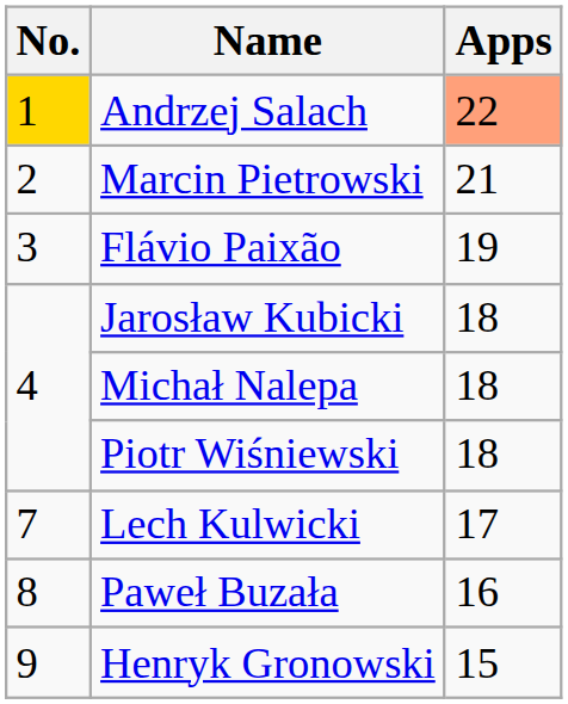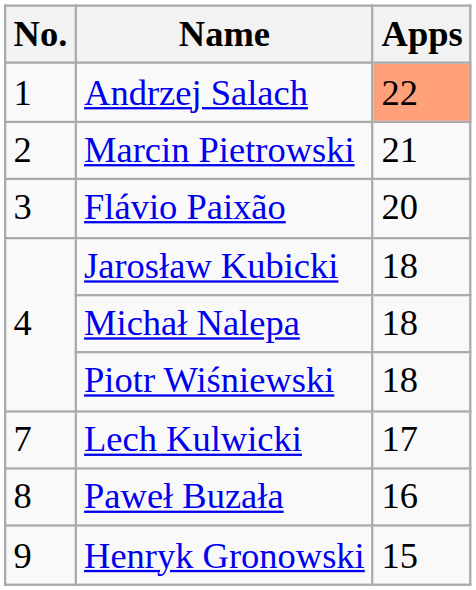 <table class="wikitable" style="display: inline-table;">
 <tr>
 <th>No.</th>
 <th>Name</th>
 <th>Apps</th>
 </tr>
 <tr>
-<td style="background: gold;">1</td>
+<td>1</td>
 <td><a href='#'>Andrzej Salach</a></td>
 <td style="background: lightsalmon;">22</td>
 </tr>
 <tr>
 <td>2</td>
 <td><a href='#'>Marcin Pietrowski</a></td>
 <td>21</td>
 </tr>
 <tr>
 <td>3</td>
 <td><a href='#'>Flávio Paixão</a></td>
-<td>19</td>
+<td>20</td>
 </tr>
 <tr>
 <td rowspan=3>4</td>
 <td><a href='#'>Jarosław Kubicki</a></td>
 <td>18</td>
 </tr>
 <tr>
 <td><a href='#'>Michał Nalepa</a></td>
 <td>18</td>
 </tr>
 <tr>
 <td><a href='#'>Piotr Wiśniewski</a></td>
 <td>18</td>
 </tr>
 <tr>
 <td>7</td>
 <td><a href='#'>Lech Kulwicki</a></td>
 <td>17</td>
 </tr>
 <tr>
 <td>8</td>
 <td><a href='#'>Paweł Buzała</a></td>
 <td>16</td>
 </tr>
 <tr>
 <td>9</td>
 <td><a href='#'>Henryk Gronowski</a></td>
 <td>15</td>
 </tr>
 </table>
